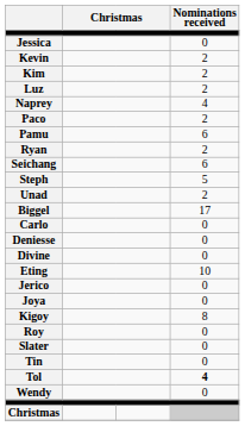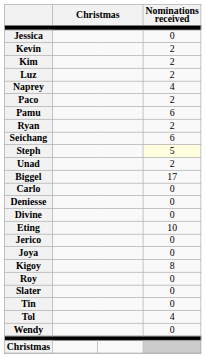 <table class="wikitable" style="text-align:center; font-size:90%; line-height:12px;">
 <tr>
 <th></th>
 <th colspan=2>Christmas<br></th>
 <th>Nominations<br>received</th>
 </tr>
 <tr>
 <th style="background:#000000;" colspan=4></th>
 </tr>
 <tr>
 <th>Jessica</th>
 <td colspan=2></td>
 <td>0</td>
 </tr>
 <tr>
 <th>Kevin</th>
 <td colspan=2></td>
 <td>2</td>
 </tr>
 <tr>
 <th>Kim</th>
 <td colspan=2></td>
 <td>2</td>
 </tr>
 <tr>
 <th>Luz</th>
 <td colspan=2></td>
 <td>2</td>
 </tr>
 <tr>
 <th>Naprey</th>
 <td colspan=2></td>
 <td>4</td>
 </tr>
 <tr>
 <th>Paco</th>
 <td colspan=2></td>
 <td>2</td>
 </tr>
 <tr>
 <th>Pamu</th>
 <td colspan=2></td>
 <td>6</td>
 </tr>
 <tr>
 <th>Ryan</th>
 <td colspan=2></td>
 <td>2</td>
 </tr>
 <tr>
 <th>Seichang</th>
 <td colspan=2></td>
 <td>6</td>
 </tr>
 <tr>
 <th>Steph</th>
 <td colspan=2></td>
-<td>5</td>
+<td style="background: lightyellow;">5</td>
 </tr>
 <tr>
 <th>Unad</th>
 <td colspan=2></td>
 <td>2</td>
 </tr>
 <tr>
 <th>Biggel</th>
 <td colspan=2></td>
 <td>17</td>
 </tr>
 <tr>
 <th>Carlo</th>
 <td colspan=2></td>
 <td>0</td>
 </tr>
 <tr>
 <th>Deniesse</th>
 <td colspan=2></td>
 <td>0</td>
 </tr>
 <tr>
 <th>Divine</th>
 <td colspan=2></td>
 <td>0</td>
 </tr>
 <tr>
 <th>Eting</th>
 <td colspan=2></td>
 <td>10</td>
 </tr>
 <tr>
 <th>Jerico</th>
 <td colspan=2></td>
 <td>0</td>
 </tr>
 <tr>
 <th>Joya</th>
 <td colspan=2></td>
 <td>0</td>
 </tr>
 <tr>
 <th>Kigoy</th>
 <td colspan=2></td>
 <td>8</td>
 </tr>
 <tr>
 <th>Roy</th>
 <td colspan=2></td>
 <td>0</td>
 </tr>
 <tr>
 <th>Slater</th>
 <td colspan=2></td>
 <td>0</td>
 </tr>
 <tr>
 <th>Tin</th>
 <td colspan=2></td>
 <td>0</td>
 </tr>
 <tr>
 <th>Tol</th>
 <td colspan=2></td>
-<td><strong>4</strong></td>
+<td>4</td>
 </tr>
 <tr>
 <th>Wendy</th>
 <td colspan=2></td>
 <td>0</td>
 </tr>
 <tr>
 <td style="background:#000000;" colspan=4></td>
 </tr>
 <tr>
 <th>Christmas<br></th>
 <td width="60px"></td>
 <td width="60px"></td>
 <td bgcolor="#CCCCCC"></td>
 </tr>
 <tr>
 </tr>
 </table>
